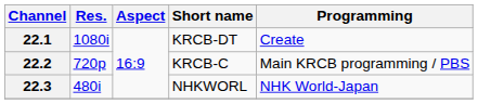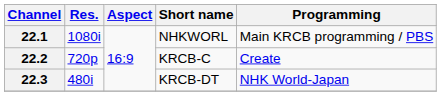 <table class="wikitable">
 <tr>
 <th scope = "col"><a href='#'>Channel</a></th>
 <th scope = "col"><a href='#'>Res.</a></th>
 <th scope = "col"><a href='#'>Aspect</a></th>
 <th scope = "col">Short name</th>
 <th scope = "col">Programming</th>
 </tr>
 <tr>
 <th scope = "row">22.1</th>
 <td><a href='#'>1080i</a></td>
 <td rowspan=3><a href='#'>16:9</a></td>
-<td>KRCB-DT</td>
-<td><a href='#'>Create</a></td>
+<td>NHKWORL</td>
+<td>Main KRCB programming / <a href='#'>PBS</a></td>
 </tr>
 <tr>
 <th scope = "row">22.2</th>
 <td><a href='#'>720p</a></td>
 <td>KRCB-C</td>
-<td>Main KRCB programming / <a href='#'>PBS</a></td>
+<td><a href='#'>Create</a></td>
 </tr>
 <tr>
 <th scope = "row">22.3</th>
 <td><a href='#'>480i</a></td>
-<td>NHKWORL</td>
+<td>KRCB-DT</td>
 <td><a href='#'>NHK World-Japan</a></td>
 </tr>
 <tr>
 </tr>
 </table>
